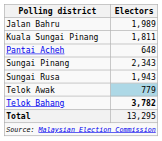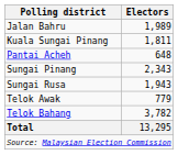 <table class="wikitable sortable">
 <tr>
 <th>Polling district</th>
 <th>Electors</th>
 </tr>
 <tr>
 <td>Jalan Bahru</td>
 <td align="right">1,989</td>
 </tr>
 <tr>
 <td>Kuala Sungai Pinang</td>
 <td align="right">1,811</td>
 </tr>
 <tr>
 <td><a href='#'>Pantai Acheh</a></td>
 <td align="right">648</td>
 </tr>
 <tr>
 <td>Sungai Pinang</td>
 <td align="right">2,343</td>
 </tr>
 <tr>
 <td>Sungai Rusa</td>
 <td align="right">1,943</td>
 </tr>
 <tr>
 <td>Telok Awak</td>
-<td align="right" style="background: lightblue;">779</td>
+<td align="right">779</td>
 </tr>
 <tr>
 <td><a href='#'>Telok Bahang</a></td>
-<td align="right"><strong>3,782</strong></td>
+<td align="right">3,782</td>
 </tr>
 <tr>
 <td style="background: #f2f2f2"><strong>Total</strong></td>
 <td style="background: #f2f2f2" align="right">13,295</td>
 </tr>
 <tr>
 <td colspan="2" align="right"><small><em>Source: <a href='#'>Malaysian Election Commission</a></em></small></td>
 </tr>
 </table>
